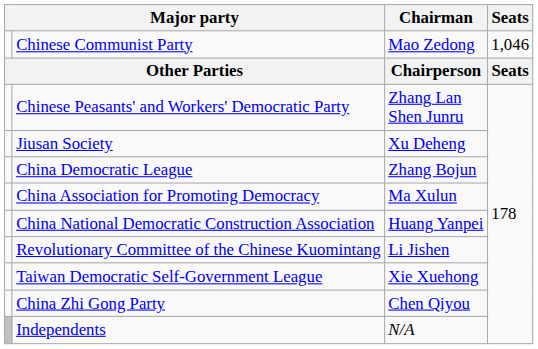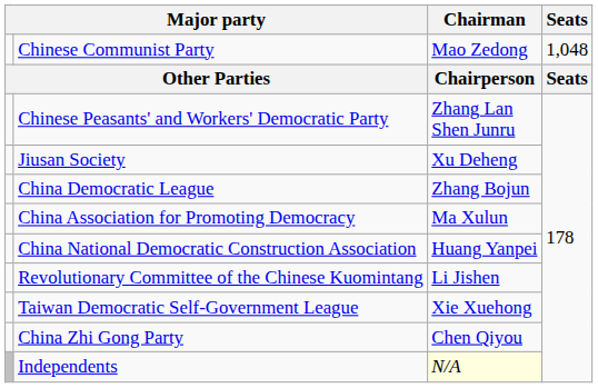 <table class="wikitable">
 <tr>
 <th colspan="2">Major party</th>
 <th>Chairman</th>
 <th>Seats</th>
 </tr>
 <tr>
 <td style="background: "></td>
 <td><a href='#'>Chinese Communist Party</a></td>
 <td><a href='#'>Mao Zedong</a></td>
-<td>1,046</td>
+<td>1,048</td>
 </tr>
 <tr>
 <th colspan="2">Other Parties</th>
 <th>Chairperson</th>
 <th>Seats</th>
 </tr>
 <tr>
 <td style="background: "></td>
 <td><a href='#'>Chinese Peasants' and Workers' Democratic Party</a></td>
 <td><a href='#'>Zhang Lan</a><br><a href='#'>Shen Junru</a></td>
 <td rowspan="9">178</td>
 </tr>
 <tr>
 <td style="background: "></td>
 <td><a href='#'>Jiusan Society</a></td>
 <td><a href='#'>Xu Deheng</a></td>
 </tr>
 <tr>
 <td style="background: "></td>
 <td><a href='#'>China Democratic League</a></td>
 <td><a href='#'>Zhang Bojun</a></td>
 </tr>
 <tr>
 <td style="background: "></td>
 <td><a href='#'>China Association for Promoting Democracy</a></td>
 <td><a href='#'>Ma Xulun</a></td>
 </tr>
 <tr>
 <td style="background: "></td>
 <td><a href='#'>China National Democratic Construction Association</a></td>
 <td><a href='#'>Huang Yanpei</a></td>
 </tr>
 <tr>
 <td style="background: "></td>
 <td><a href='#'>Revolutionary Committee of the Chinese Kuomintang</a></td>
 <td><a href='#'>Li Jishen</a></td>
 </tr>
 <tr>
 <td style="background: "></td>
 <td><a href='#'>Taiwan Democratic Self-Government League</a></td>
 <td><a href='#'>Xie Xuehong</a></td>
 </tr>
 <tr>
 <td style="background: "></td>
 <td><a href='#'>China Zhi Gong Party</a></td>
 <td><a href='#'>Chen Qiyou</a></td>
 </tr>
 <tr>
 <td style="background: #C0C0C0"></td>
 <td><a href='#'>Independents</a></td>
-<td><em>N/A</em></td>
+<td style="background: lightyellow;"><em>N/A</em></td>
 </tr>
 </table>
